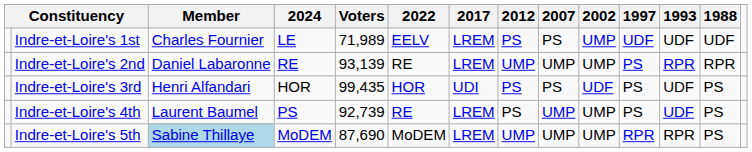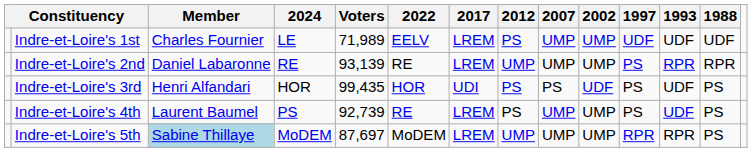 <table class="wikitable sortable">
 <tr>
 <th colspan="2">Constituency</th>
 <th>Member</th>
 <th>2024</th>
 <th>Voters</th>
 <th>2022</th>
 <th>2017</th>
 <th>2012</th>
 <th>2007</th>
 <th>2002</th>
 <th>1997</th>
 <th>1993</th>
 <th>1988</th>
 </tr>
 <tr>
 <td style="background-color: "></td>
 <td><a href='#'>Indre-et-Loire's 1st</a></td>
 <td><a href='#'>Charles Fournier</a></td>
 <td><a href='#'>LE</a></td>
 <td>71,989</td>
 <td><a href='#'>EELV</a></td>
 <td><a href='#'>LREM</a></td>
 <td><a href='#'>PS</a></td>
-<td>PS</td>
+<td><a href='#'>UMP</a></td>
 <td><a href='#'>UMP</a></td>
 <td><a href='#'>UDF</a></td>
 <td>UDF</td>
 <td>UDF</td>
 </tr>
 <tr>
 <td style="background-color: "></td>
 <td><a href='#'>Indre-et-Loire's 2nd</a></td>
 <td><a href='#'>Daniel Labaronne</a></td>
 <td><a href='#'>RE</a></td>
 <td>93,139</td>
 <td>RE</td>
 <td><a href='#'>LREM</a></td>
 <td><a href='#'>UMP</a></td>
 <td>UMP</td>
 <td>UMP</td>
 <td><a href='#'>PS</a></td>
 <td><a href='#'>RPR</a></td>
 <td>RPR</td>
 <td></td>
 </tr>
 <tr>
 <td style="background-color: "></td>
 <td><a href='#'>Indre-et-Loire's 3rd</a></td>
 <td><a href='#'>Henri Alfandari</a></td>
 <td>HOR</td>
 <td>99,435</td>
 <td><a href='#'>HOR</a></td>
 <td><a href='#'>UDI</a></td>
 <td><a href='#'>PS</a></td>
 <td>PS</td>
 <td><a href='#'>UDF</a></td>
 <td>PS</td>
 <td>UDF</td>
 <td>PS</td>
 <td></td>
 </tr>
 <tr>
 <td style="background-color: "></td>
 <td><a href='#'>Indre-et-Loire's 4th</a></td>
 <td><a href='#'>Laurent Baumel</a></td>
 <td><a href='#'>PS</a></td>
 <td>92,739</td>
 <td><a href='#'>RE</a></td>
 <td><a href='#'>LREM</a></td>
 <td>PS</td>
 <td><a href='#'>UMP</a></td>
 <td>UMP</td>
 <td>PS</td>
 <td><a href='#'>UDF</a></td>
 <td>PS</td>
 <td></td>
 </tr>
 <tr>
 <td style="background-color: "></td>
 <td><a href='#'>Indre-et-Loire's 5th</a></td>
 <td style="background: lightblue;"><a href='#'>Sabine Thillaye</a></td>
 <td><a href='#'>MoDEM</a></td>
-<td>87,690</td>
+<td>87,697</td>
 <td>MoDEM</td>
 <td><a href='#'>LREM</a></td>
 <td><a href='#'>UMP</a></td>
 <td>UMP</td>
 <td>UMP</td>
 <td><a href='#'>RPR</a></td>
 <td>RPR</td>
 <td>PS</td>
 <td></td>
 </tr>
 </table>
